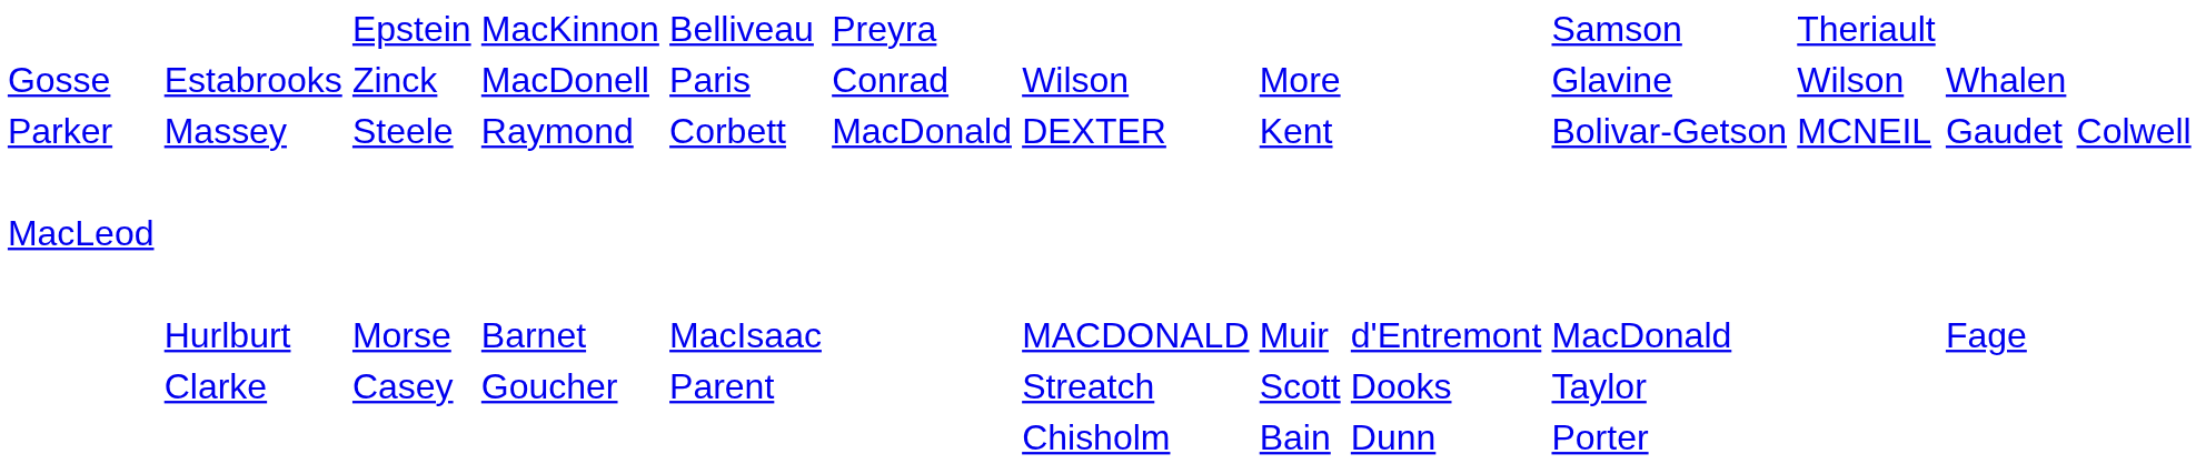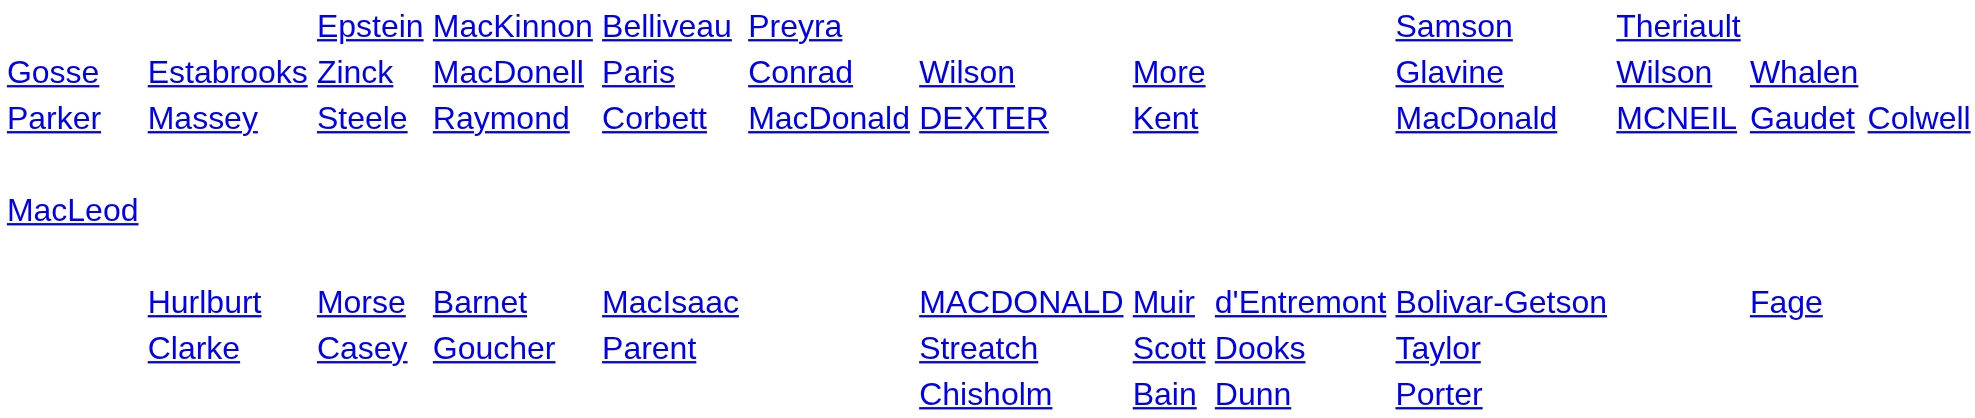 <table>
 <tr span style="color:white; font-size:87%; background: ">
 <td style="background:white">****</td>
 <td style="background:white">****</td>
 <td><a href='#'>Epstein</a></td>
 <td><a href='#'>MacKinnon</a></td>
 <td><a href='#'>Belliveau</a></td>
 <td><a href='#'>Preyra</a></td>
 <td style="background:white">****</td>
 <td style="background:white">*</td>
 <td style="background:white">****</td>
 <td style="background:"><a href='#'>Samson</a></td>
 <td style="background:"><a href='#'>Theriault</a></td>
 </tr>
 <tr span style="color:white; font-size:87%; background: ">
 <td><a href='#'>Gosse</a></td>
 <td><a href='#'>Estabrooks</a></td>
 <td><a href='#'>Zinck</a></td>
 <td><a href='#'>MacDonell</a></td>
 <td><a href='#'>Paris</a></td>
 <td><a href='#'>Conrad</a></td>
 <td><a href='#'>Wilson</a></td>
 <td><a href='#'>More</a></td>
 <td style="background:white">*</td>
 <td style="background:"><a href='#'>Glavine</a></td>
 <td style="background:"><a href='#'>Wilson</a></td>
 <td style="background:"><a href='#'>Whalen</a></td>
 </tr>
 <tr span style="color:white; font-size:87%; background: ">
 <td><a href='#'>Parker</a></td>
 <td><a href='#'>Massey</a></td>
 <td><a href='#'>Steele</a></td>
 <td><a href='#'>Raymond</a></td>
 <td><a href='#'>Corbett</a></td>
 <td><a href='#'>MacDonald</a></td>
 <td><a href='#'>DEXTER</a></td>
 <td><a href='#'>Kent</a></td>
 <td style="background:white">*</td>
-<td><a href='#'>Bolivar-Getson</a></td>
+<td style="background:"><a href='#'>MacDonald</a></td>
 <td style="background:"><a href='#'>MCNEIL</a></td>
 <td style="background:"><a href='#'>Gaudet</a></td>
 <td style="background:"><a href='#'>Colwell</a></td>
 </tr>
 <tr span style="color:white; font-size:87%; background:white; border:1;">
 <td>****</td>
 </tr>
 <tr span style="color:white; font-size:87%; background: ">
 <td><a href='#'>MacLeod</a></td>
 </tr>
 <tr span style="color:white; font-size:87%; background:white; border:1;">
 <td>****</td>
 </tr>
 <tr span style="color:white; font-size:87%; background: ">
 <td style="background:white">****</td>
 <td><a href='#'>Hurlburt</a></td>
 <td><a href='#'>Morse</a></td>
 <td><a href='#'>Barnet</a></td>
 <td><a href='#'>MacIsaac</a></td>
 <td style="background:white">****</td>
 <td><a href='#'>MACDONALD</a></td>
 <td><a href='#'>Muir</a></td>
 <td><a href='#'>d'Entremont</a></td>
-<td style="background:"><a href='#'>MacDonald</a></td>
+<td><a href='#'>Bolivar-Getson</a></td>
 <td style="background:white">****</td>
 <td style="background:"><a href='#'>Fage</a></td>
 </tr>
 <tr span style="color:white; font-size:87%; background: ">
 <td style="background:white">****</td>
 <td><a href='#'>Clarke</a></td>
 <td><a href='#'>Casey</a></td>
 <td><a href='#'>Goucher</a></td>
 <td><a href='#'>Parent</a></td>
 <td style="background:white">****</td>
 <td><a href='#'>Streatch</a></td>
 <td><a href='#'>Scott</a></td>
 <td><a href='#'>Dooks</a></td>
 <td><a href='#'>Taylor</a></td>
 </tr>
 <tr span style="color:white; font-size:87%; background: ">
 <td colspan=6 style="background:white">****</td>
 <td><a href='#'>Chisholm</a></td>
 <td><a href='#'>Bain</a></td>
 <td><a href='#'>Dunn</a></td>
 <td><a href='#'>Porter</a></td>
 </tr>
 </table>
